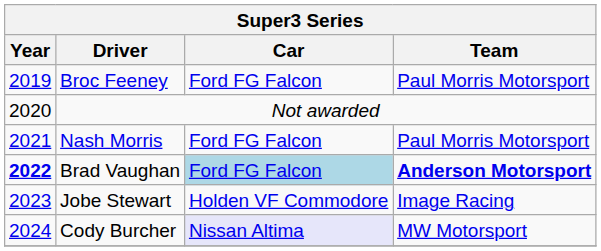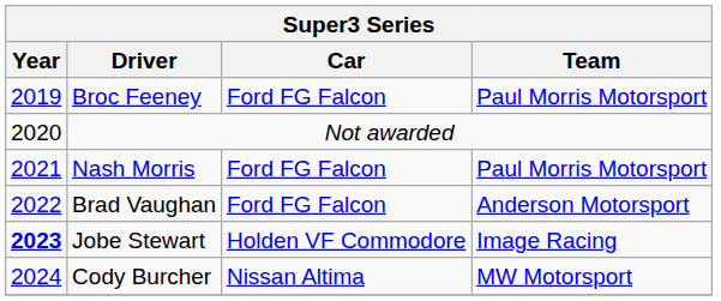 <table class="wikitable" style="font-size: 95%">
 <tr>
 <th colspan=4>Super3 Series</th>
 </tr>
 <tr>
 <th>Year</th>
 <th>Driver</th>
 <th>Car</th>
 <th>Team</th>
 </tr>
 <tr>
 <td><a href='#'>2019</a></td>
 <td><a href='#'>Broc Feeney</a></td>
 <td><a href='#'>Ford FG Falcon</a></td>
 <td><a href='#'>Paul Morris Motorsport</a></td>
 </tr>
 <tr>
 <td>2020</td>
 <td colspan=3 align="center"><em>Not awarded</em></td>
 </tr>
 <tr>
 <td><a href='#'>2021</a></td>
 <td><a href='#'>Nash Morris</a></td>
 <td><a href='#'>Ford FG Falcon</a></td>
 <td><a href='#'>Paul Morris Motorsport</a></td>
 </tr>
 <tr>
-<td><strong><a href='#'>2022</a></strong></td>
+<td><a href='#'>2022</a></td>
 <td>Brad Vaughan</td>
-<td style="background: lightblue;"><a href='#'>Ford FG Falcon</a></td>
-<td><strong><a href='#'>Anderson Motorsport</a></strong></td>
+<td><a href='#'>Ford FG Falcon</a></td>
+<td><a href='#'>Anderson Motorsport</a></td>
 </tr>
 <tr>
-<td><a href='#'>2023</a></td>
+<td><strong><a href='#'>2023</a></strong></td>
 <td>Jobe Stewart</td>
 <td><a href='#'>Holden VF Commodore</a></td>
 <td><a href='#'>Image Racing</a></td>
 </tr>
 <tr>
 <td><a href='#'>2024</a></td>
 <td>Cody Burcher</td>
-<td style="background: lavender;"><a href='#'>Nissan Altima</a></td>
+<td><a href='#'>Nissan Altima</a></td>
 <td><a href='#'>MW Motorsport</a></td>
 </tr>
 <tr>
 </tr>
 </table>
